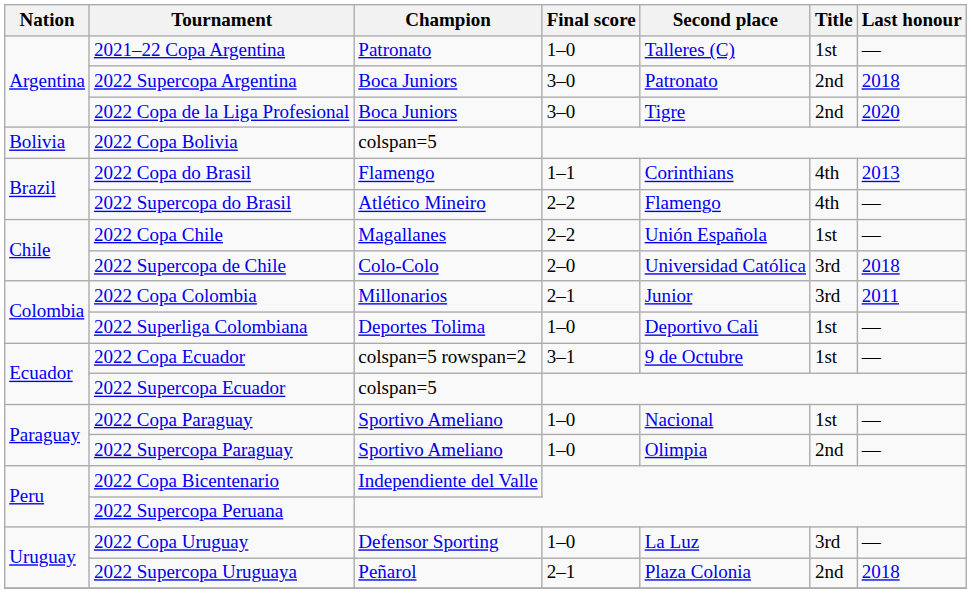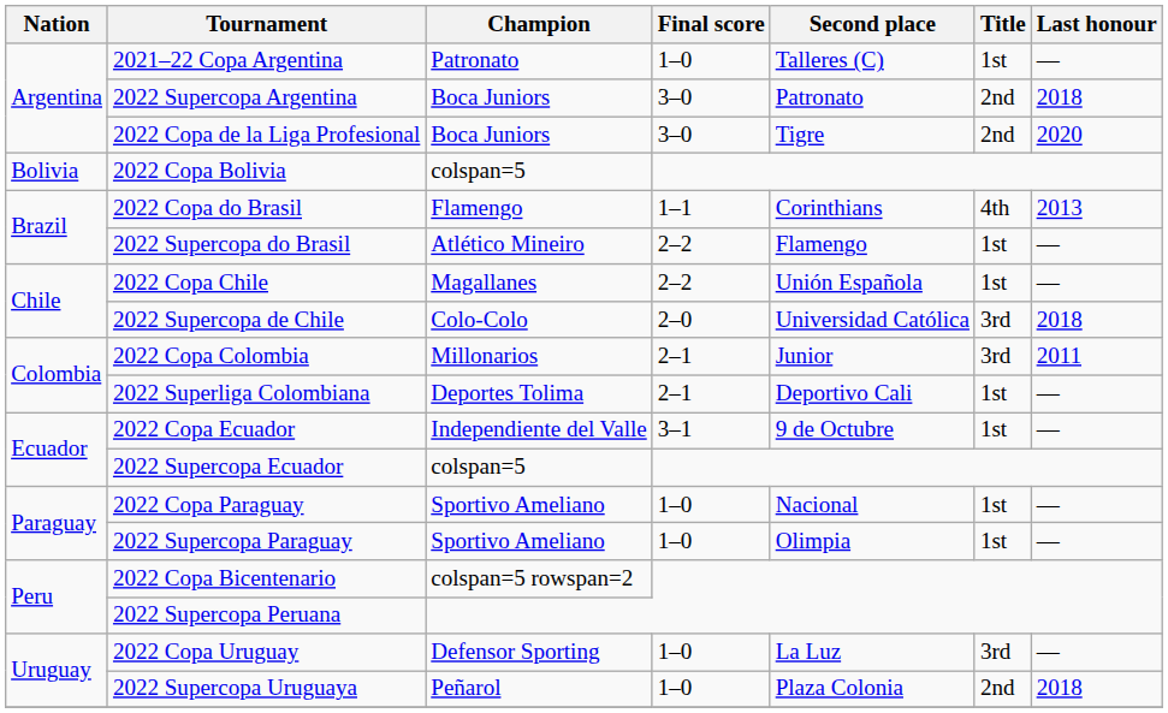 <table class=wikitable style="font-size:14px">
 <tr>
 <th>Nation</th>
 <th>Tournament</th>
 <th>Champion</th>
 <th>Final score</th>
 <th>Second place</th>
 <th data-sort-type="number">Title</th>
 <th>Last honour</th>
 </tr>
 <tr>
 <td rowspan="3"> <a href='#'>Argentina</a></td>
 <td><a href='#'>2021–22 Copa Argentina</a></td>
 <td><a href='#'>Patronato</a></td>
 <td>1–0</td>
 <td><a href='#'>Talleres (C)</a></td>
 <td>1st</td>
 <td>—</td>
 </tr>
 <tr>
 <td><a href='#'>2022 Supercopa Argentina</a></td>
 <td><a href='#'>Boca Juniors</a></td>
 <td>3–0</td>
 <td><a href='#'>Patronato</a></td>
 <td>2nd</td>
 <td><a href='#'>2018</a></td>
 </tr>
 <tr>
 <td><a href='#'>2022 Copa de la Liga Profesional</a></td>
 <td><a href='#'>Boca Juniors</a></td>
 <td>3–0</td>
 <td><a href='#'>Tigre</a></td>
 <td>2nd</td>
 <td><a href='#'>2020</a></td>
 </tr>
 <tr>
 <td> <a href='#'>Bolivia</a></td>
 <td><a href='#'>2022 Copa Bolivia</a></td>
 <td>colspan=5 </td>
 </tr>
 <tr>
 <td rowspan="2"> <a href='#'>Brazil</a></td>
 <td><a href='#'>2022 Copa do Brasil</a></td>
 <td><a href='#'>Flamengo</a></td>
 <td>1–1 </td>
 <td><a href='#'>Corinthians</a></td>
 <td>4th</td>
 <td><a href='#'>2013</a></td>
 </tr>
 <tr>
 <td><a href='#'>2022 Supercopa do Brasil</a></td>
 <td><a href='#'>Atlético Mineiro</a></td>
 <td>2–2 </td>
 <td><a href='#'>Flamengo</a></td>
-<td>4th</td>
+<td>1st</td>
 <td>—</td>
 </tr>
 <tr>
 <td rowspan="2"> <a href='#'>Chile</a></td>
 <td><a href='#'>2022 Copa Chile</a></td>
 <td><a href='#'>Magallanes</a></td>
 <td>2–2 </td>
 <td><a href='#'>Unión Española</a></td>
 <td>1st</td>
 <td>—</td>
 </tr>
 <tr>
 <td><a href='#'>2022 Supercopa de Chile</a></td>
 <td><a href='#'>Colo-Colo</a></td>
 <td>2–0</td>
 <td><a href='#'>Universidad Católica</a></td>
 <td>3rd</td>
 <td><a href='#'>2018</a></td>
 </tr>
 <tr>
 <td rowspan=2> <a href='#'>Colombia</a></td>
 <td><a href='#'>2022 Copa Colombia</a></td>
 <td><a href='#'>Millonarios</a></td>
 <td>2–1</td>
 <td><a href='#'>Junior</a></td>
 <td>3rd</td>
 <td><a href='#'>2011</a></td>
 </tr>
 <tr>
 <td><a href='#'>2022 Superliga Colombiana</a></td>
 <td><a href='#'>Deportes Tolima</a></td>
-<td>1–0 </td>
+<td>2–1</td>
 <td><a href='#'>Deportivo Cali</a></td>
 <td>1st</td>
 <td>—</td>
 </tr>
 <tr>
 <td rowspan="2"> <a href='#'>Ecuador</a></td>
 <td><a href='#'>2022 Copa Ecuador</a></td>
-<td>colspan=5 rowspan=2 </td>
+<td><a href='#'>Independiente del Valle</a></td>
 <td>3–1</td>
 <td><a href='#'>9 de Octubre</a></td>
 <td>1st</td>
 <td>—</td>
 </tr>
 <tr>
 <td><a href='#'>2022 Supercopa Ecuador</a></td>
 <td>colspan=5 </td>
 </tr>
 <tr>
 <td rowspan="2"> <a href='#'>Paraguay</a></td>
 <td><a href='#'>2022 Copa Paraguay</a></td>
 <td><a href='#'>Sportivo Ameliano</a></td>
 <td>1–0 </td>
 <td><a href='#'>Nacional</a></td>
 <td>1st</td>
 <td>—</td>
 </tr>
 <tr>
 <td><a href='#'>2022 Supercopa Paraguay</a></td>
 <td><a href='#'>Sportivo Ameliano</a></td>
 <td>1–0</td>
 <td><a href='#'>Olimpia</a></td>
-<td>2nd</td>
+<td>1st</td>
 <td>—</td>
 </tr>
 <tr>
 <td rowspan="2"> <a href='#'>Peru</a></td>
 <td><a href='#'>2022 Copa Bicentenario</a></td>
-<td><a href='#'>Independiente del Valle</a></td>
+<td>colspan=5 rowspan=2 </td>
 </tr>
 <tr>
 <td><a href='#'>2022 Supercopa Peruana</a></td>
 </tr>
 <tr>
 <td rowspan="2"> <a href='#'>Uruguay</a></td>
 <td><a href='#'>2022 Copa Uruguay</a></td>
 <td><a href='#'>Defensor Sporting</a></td>
 <td>1–0</td>
 <td><a href='#'>La Luz</a></td>
 <td>3rd</td>
 <td>—</td>
 </tr>
 <tr>
 <td><a href='#'>2022 Supercopa Uruguaya</a></td>
 <td><a href='#'>Peñarol</a></td>
-<td>2–1</td>
+<td>1–0 </td>
 <td><a href='#'>Plaza Colonia</a></td>
 <td>2nd</td>
 <td><a href='#'>2018</a></td>
 </tr>
 <tr>
 </tr>
 </table>
